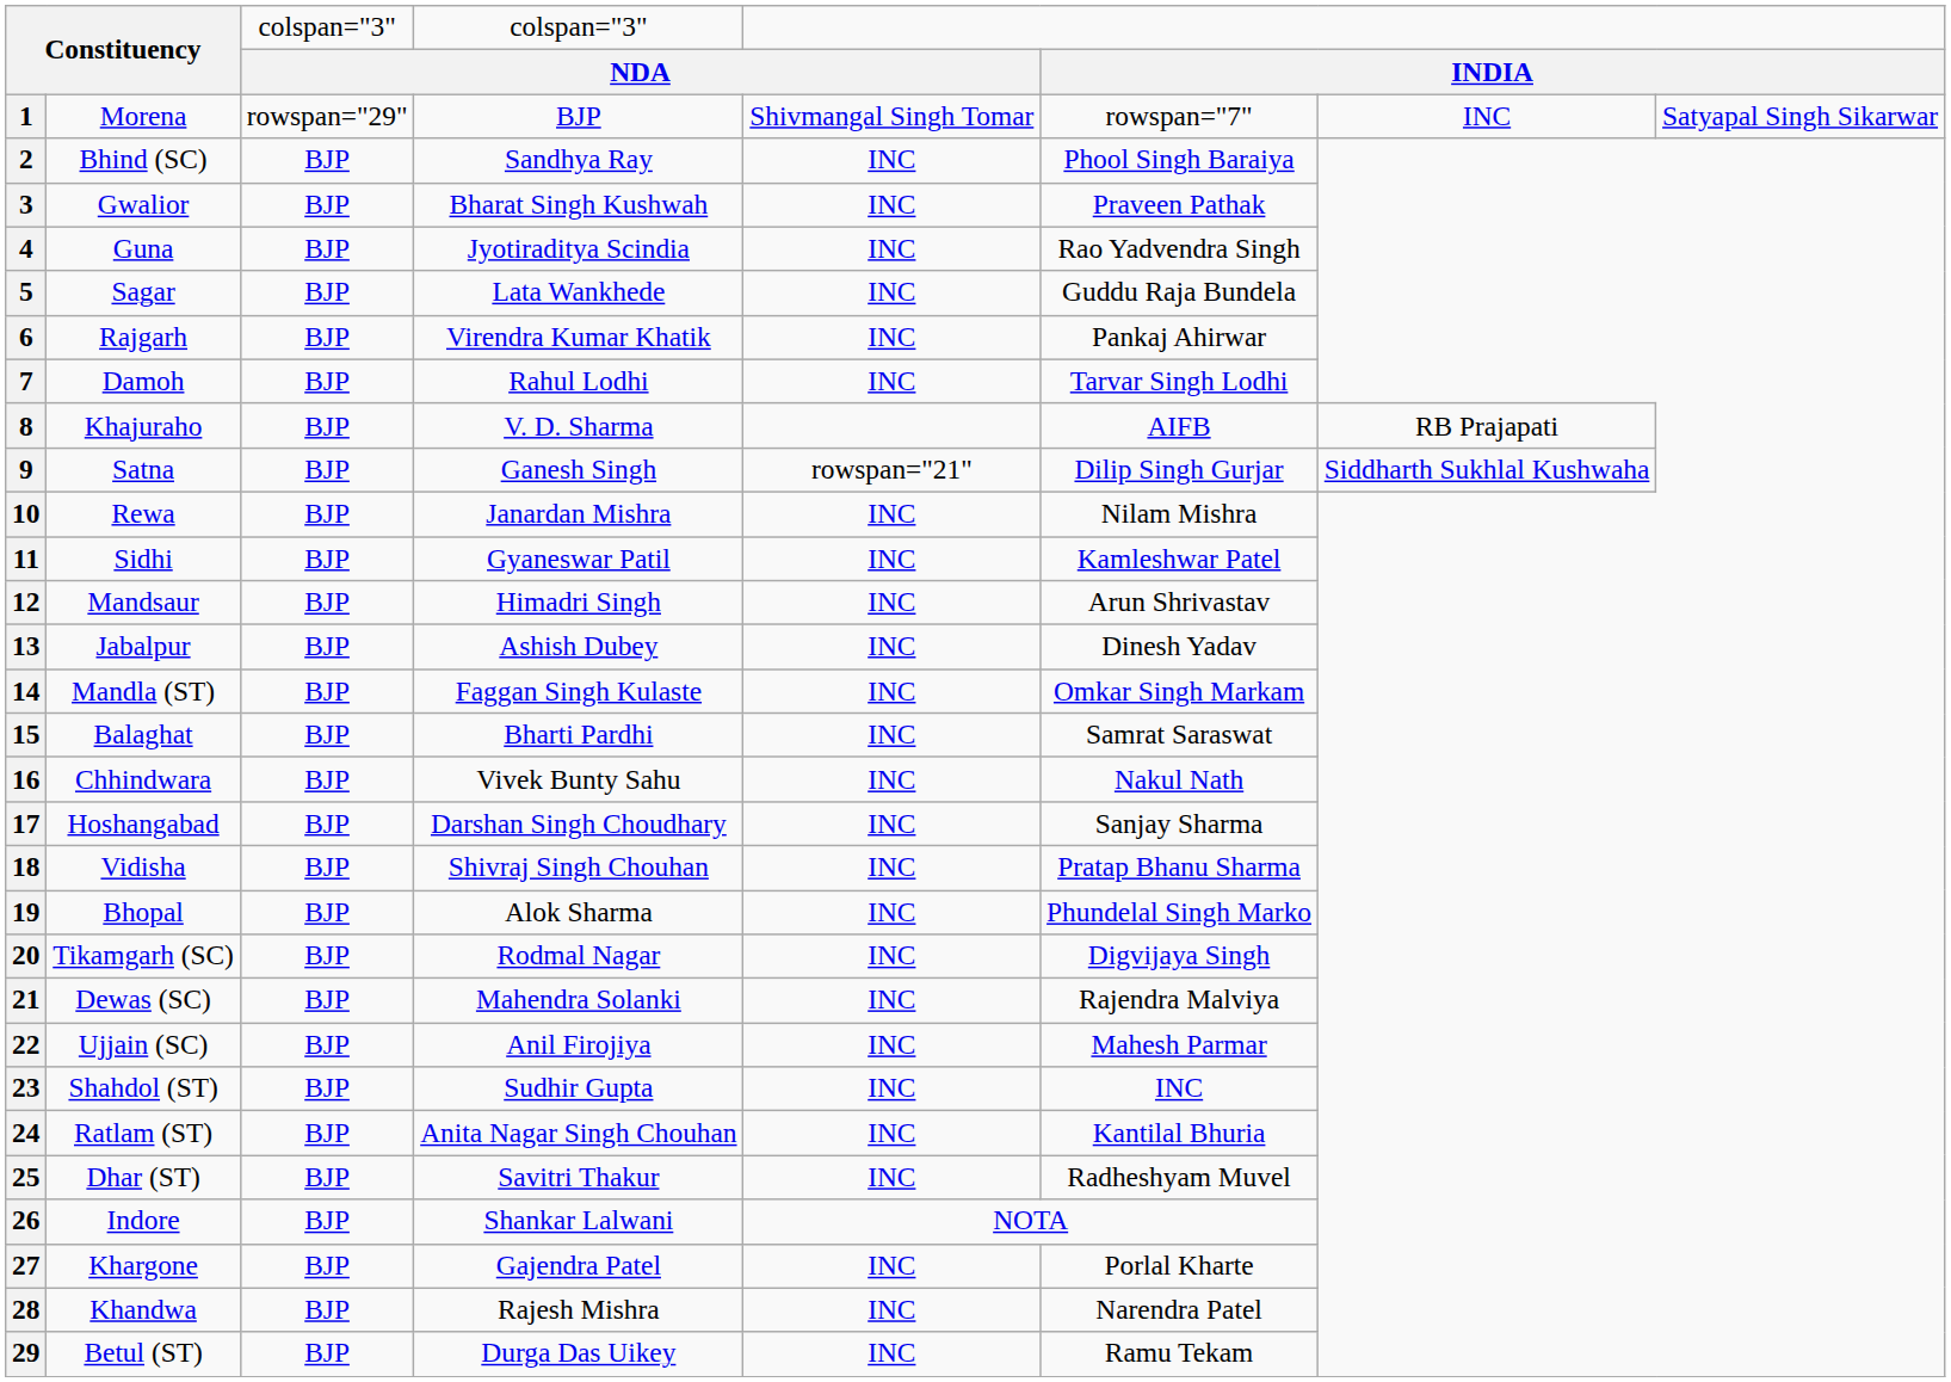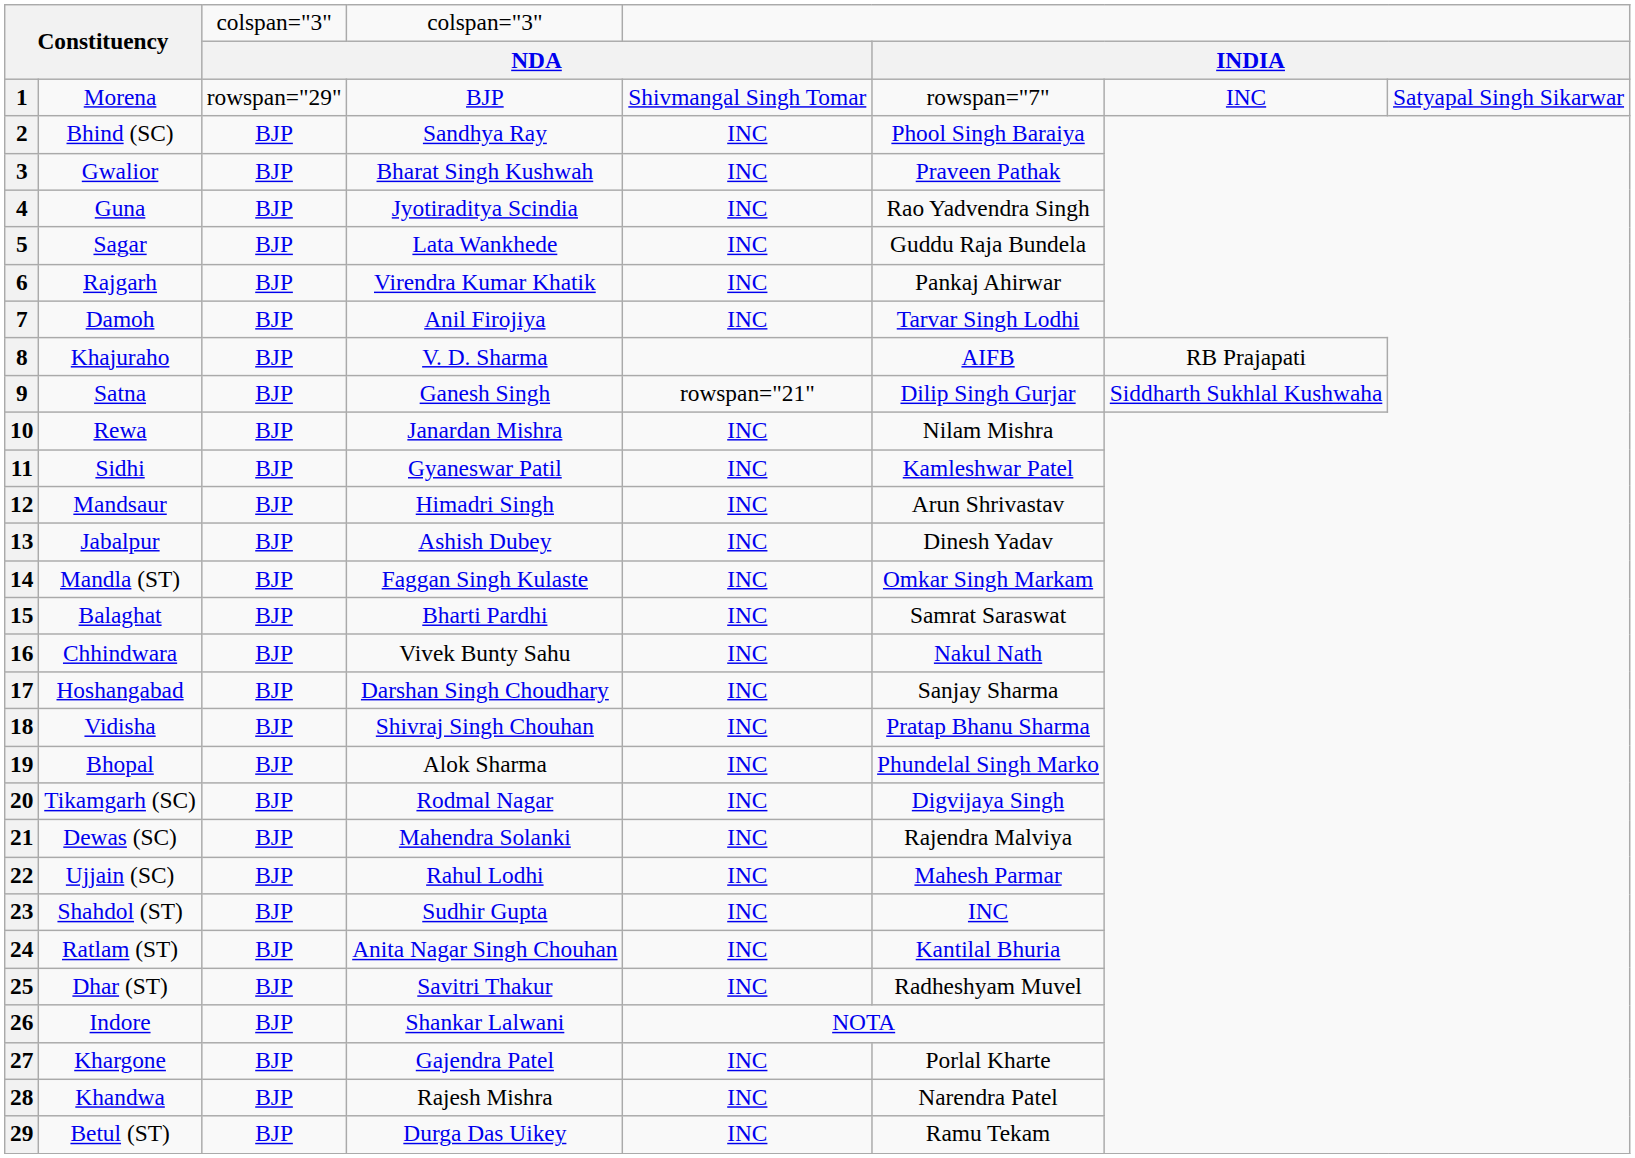 <table class="wikitable sortable" style="text-align:center;">
 <tr>
 <th colspan="2" rowspan="2">Constituency</th>
 <td>colspan="3" </td>
 <td>colspan="3" </td>
 </tr>
 <tr>
 <th colspan="3"><a href='#'>NDA</a></th>
 <th colspan="3"><a href='#'>INDIA</a></th>
 </tr>
 <tr>
 <th>1</th>
 <td><a href='#'>Morena</a></td>
 <td>rowspan="29" </td>
 <td><a href='#'>BJP</a></td>
 <td><a href='#'>Shivmangal Singh Tomar</a></td>
 <td>rowspan="7" </td>
 <td><a href='#'>INC</a></td>
 <td><a href='#'>Satyapal Singh Sikarwar</a></td>
 </tr>
 <tr>
 <th>2</th>
 <td><a href='#'>Bhind</a> (SC)</td>
 <td><a href='#'>BJP</a></td>
 <td><a href='#'>Sandhya Ray</a></td>
 <td><a href='#'>INC</a></td>
 <td><a href='#'>Phool Singh Baraiya</a></td>
 </tr>
 <tr>
 <th>3</th>
 <td><a href='#'>Gwalior</a></td>
 <td><a href='#'>BJP</a></td>
 <td><a href='#'>Bharat Singh Kushwah</a></td>
 <td><a href='#'>INC</a></td>
 <td><a href='#'>Praveen Pathak</a></td>
 </tr>
 <tr>
 <th>4</th>
 <td><a href='#'>Guna</a></td>
 <td><a href='#'>BJP</a></td>
 <td><a href='#'>Jyotiraditya Scindia</a></td>
 <td><a href='#'>INC</a></td>
 <td>Rao Yadvendra Singh</td>
 </tr>
 <tr>
 <th>5</th>
 <td><a href='#'>Sagar</a></td>
 <td><a href='#'>BJP</a></td>
 <td><a href='#'>Lata Wankhede</a></td>
 <td><a href='#'>INC</a></td>
 <td>Guddu Raja Bundela</td>
 </tr>
 <tr>
 <th>6</th>
 <td><a href='#'>Rajgarh</a></td>
 <td><a href='#'>BJP</a></td>
 <td><a href='#'>Virendra Kumar Khatik</a></td>
 <td><a href='#'>INC</a></td>
 <td>Pankaj Ahirwar</td>
 </tr>
 <tr>
 <th>7</th>
 <td><a href='#'>Damoh</a></td>
 <td><a href='#'>BJP</a></td>
-<td><a href='#'>Rahul Lodhi</a></td>
+<td><a href='#'>Anil Firojiya</a></td>
 <td><a href='#'>INC</a></td>
 <td><a href='#'>Tarvar Singh Lodhi</a></td>
 </tr>
 <tr>
 <th>8</th>
 <td><a href='#'>Khajuraho</a></td>
 <td><a href='#'>BJP</a></td>
 <td><a href='#'>V. D. Sharma</a></td>
 <td></td>
 <td><a href='#'>AIFB</a></td>
 <td>RB Prajapati</td>
 </tr>
 <tr>
 <th>9</th>
 <td><a href='#'>Satna</a></td>
 <td><a href='#'>BJP</a></td>
 <td><a href='#'>Ganesh Singh</a></td>
 <td>rowspan="21" </td>
 <td><a href='#'>Dilip Singh Gurjar</a></td>
 <td><a href='#'>Siddharth Sukhlal Kushwaha</a></td>
 </tr>
 <tr>
 <th>10</th>
 <td><a href='#'>Rewa</a></td>
 <td><a href='#'>BJP</a></td>
 <td><a href='#'>Janardan Mishra</a></td>
 <td><a href='#'>INC</a></td>
 <td>Nilam Mishra</td>
 </tr>
 <tr>
 <th>11</th>
 <td><a href='#'>Sidhi</a></td>
 <td><a href='#'>BJP</a></td>
 <td><a href='#'>Gyaneswar Patil</a></td>
 <td><a href='#'>INC</a></td>
 <td><a href='#'>Kamleshwar Patel</a></td>
 </tr>
 <tr>
 <th>12</th>
 <td><a href='#'>Mandsaur</a></td>
 <td><a href='#'>BJP</a></td>
 <td><a href='#'>Himadri Singh</a></td>
 <td><a href='#'>INC</a></td>
 <td>Arun Shrivastav</td>
 </tr>
 <tr>
 <th>13</th>
 <td><a href='#'>Jabalpur</a></td>
 <td><a href='#'>BJP</a></td>
 <td><a href='#'>Ashish Dubey</a></td>
 <td><a href='#'>INC</a></td>
 <td>Dinesh Yadav</td>
 </tr>
 <tr>
 <th>14</th>
 <td><a href='#'>Mandla</a> (ST)</td>
 <td><a href='#'>BJP</a></td>
 <td><a href='#'>Faggan Singh Kulaste</a></td>
 <td><a href='#'>INC</a></td>
 <td><a href='#'>Omkar Singh Markam</a></td>
 </tr>
 <tr>
 <th>15</th>
 <td><a href='#'>Balaghat</a></td>
 <td><a href='#'>BJP</a></td>
 <td><a href='#'>Bharti Pardhi</a></td>
 <td><a href='#'>INC</a></td>
 <td>Samrat Saraswat</td>
 </tr>
 <tr>
 <th>16</th>
 <td><a href='#'>Chhindwara</a></td>
 <td><a href='#'>BJP</a></td>
 <td>Vivek Bunty Sahu</td>
 <td><a href='#'>INC</a></td>
 <td><a href='#'>Nakul Nath</a></td>
 </tr>
 <tr>
 <th>17</th>
 <td><a href='#'>Hoshangabad</a></td>
 <td><a href='#'>BJP</a></td>
 <td><a href='#'>Darshan Singh Choudhary</a></td>
 <td><a href='#'>INC</a></td>
 <td>Sanjay Sharma</td>
 </tr>
 <tr>
 <th>18</th>
 <td><a href='#'>Vidisha</a></td>
 <td><a href='#'>BJP</a></td>
 <td><a href='#'>Shivraj Singh Chouhan</a></td>
 <td><a href='#'>INC</a></td>
 <td><a href='#'>Pratap Bhanu Sharma</a></td>
 </tr>
 <tr>
 <th>19</th>
 <td><a href='#'>Bhopal</a></td>
 <td><a href='#'>BJP</a></td>
 <td>Alok Sharma</td>
 <td><a href='#'>INC</a></td>
 <td><a href='#'>Phundelal Singh Marko</a></td>
 </tr>
 <tr>
 <th>20</th>
 <td><a href='#'>Tikamgarh</a> (SC)</td>
 <td><a href='#'>BJP</a></td>
 <td><a href='#'>Rodmal Nagar</a></td>
 <td><a href='#'>INC</a></td>
 <td><a href='#'>Digvijaya Singh</a></td>
 </tr>
 <tr>
 <th>21</th>
 <td><a href='#'>Dewas</a> (SC)</td>
 <td><a href='#'>BJP</a></td>
 <td><a href='#'>Mahendra Solanki</a></td>
 <td><a href='#'>INC</a></td>
 <td>Rajendra Malviya</td>
 </tr>
 <tr>
 <th>22</th>
 <td><a href='#'>Ujjain</a> (SC)</td>
 <td><a href='#'>BJP</a></td>
-<td><a href='#'>Anil Firojiya</a></td>
+<td><a href='#'>Rahul Lodhi</a></td>
 <td><a href='#'>INC</a></td>
 <td><a href='#'>Mahesh Parmar</a></td>
 </tr>
 <tr>
 <th>23</th>
 <td><a href='#'>Shahdol</a> (ST)</td>
 <td><a href='#'>BJP</a></td>
 <td><a href='#'>Sudhir Gupta</a></td>
 <td><a href='#'>INC</a></td>
 <td><a href='#'>INC</a></td>
 </tr>
 <tr>
 <th>24</th>
 <td><a href='#'>Ratlam</a> (ST)</td>
 <td><a href='#'>BJP</a></td>
 <td><a href='#'>Anita Nagar Singh Chouhan</a></td>
 <td><a href='#'>INC</a></td>
 <td><a href='#'>Kantilal Bhuria</a></td>
 </tr>
 <tr>
 <th>25</th>
 <td><a href='#'>Dhar</a> (ST)</td>
 <td><a href='#'>BJP</a></td>
 <td><a href='#'>Savitri Thakur</a></td>
 <td><a href='#'>INC</a></td>
 <td>Radheshyam Muvel</td>
 </tr>
 <tr>
 <th>26</th>
 <td><a href='#'>Indore</a></td>
 <td><a href='#'>BJP</a></td>
 <td><a href='#'>Shankar Lalwani</a></td>
 <td colspan="2"><a href='#'>NOTA</a></td>
 </tr>
 <tr>
 <th>27</th>
 <td><a href='#'>Khargone</a></td>
 <td><a href='#'>BJP</a></td>
 <td><a href='#'>Gajendra Patel</a></td>
 <td><a href='#'>INC</a></td>
 <td>Porlal Kharte</td>
 </tr>
 <tr>
 <th>28</th>
 <td><a href='#'>Khandwa</a></td>
 <td><a href='#'>BJP</a></td>
 <td>Rajesh Mishra</td>
 <td><a href='#'>INC</a></td>
 <td>Narendra Patel</td>
 </tr>
 <tr>
 <th>29</th>
 <td><a href='#'>Betul</a> (ST)</td>
 <td><a href='#'>BJP</a></td>
 <td><a href='#'>Durga Das Uikey</a></td>
 <td><a href='#'>INC</a></td>
 <td>Ramu Tekam</td>
 </tr>
 <tr>
 </tr>
 </table>
